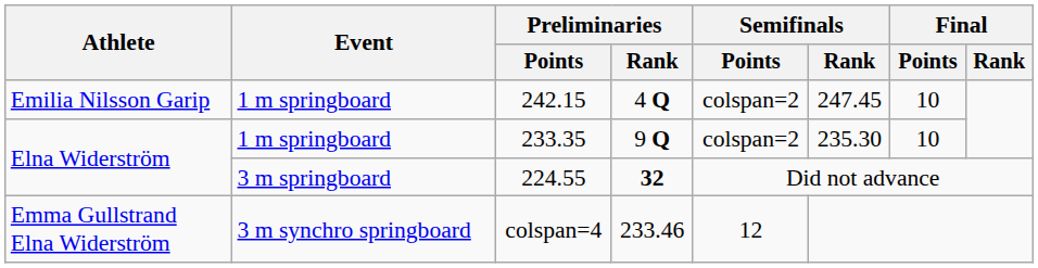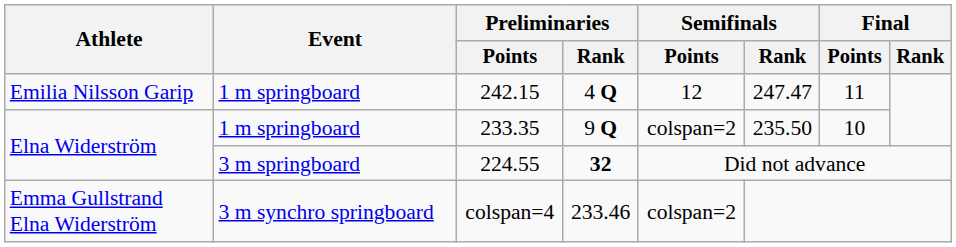 <table class="wikitable" style="text-align:center; font-size:90%; width:50%;">
 <tr>
 <th rowspan=2>Athlete</th>
 <th rowspan=2>Event</th>
 <th colspan=2>Preliminaries</th>
 <th colspan=2>Semifinals</th>
 <th colspan=2>Final</th>
 </tr>
 <tr style="font-size:95%">
 <th>Points</th>
 <th>Rank</th>
 <th>Points</th>
 <th>Rank</th>
 <th>Points</th>
 <th>Rank</th>
 </tr>
 <tr>
 <td align=left><a href='#'>Emilia Nilsson Garip</a></td>
 <td align=left><a href='#'>1 m springboard</a></td>
 <td>242.15</td>
 <td>4 <strong>Q</strong></td>
-<td>colspan=2 </td>
-<td>247.45</td>
-<td>10</td>
+<td>12</td>
+<td>247.47</td>
+<td>11</td>
 </tr>
 <tr>
 <td align=left rowspan=2><a href='#'>Elna Widerström</a></td>
 <td align=left><a href='#'>1 m springboard</a></td>
 <td>233.35</td>
 <td>9 <strong>Q</strong></td>
 <td>colspan=2 </td>
-<td>235.30</td>
+<td>235.50</td>
 <td>10</td>
 </tr>
 <tr>
 <td align=left><a href='#'>3 m springboard</a></td>
 <td>224.55</td>
 <td><strong>32</strong></td>
 <td colspan=4>Did not advance</td>
 </tr>
 <tr>
 <td align=left><a href='#'>Emma Gullstrand</a><br> <a href='#'>Elna Widerström</a></td>
 <td align=left><a href='#'>3 m synchro springboard</a></td>
 <td>colspan=4 </td>
 <td>233.46</td>
-<td>12</td>
+<td>colspan=2 </td>
 </tr>
 </table>
